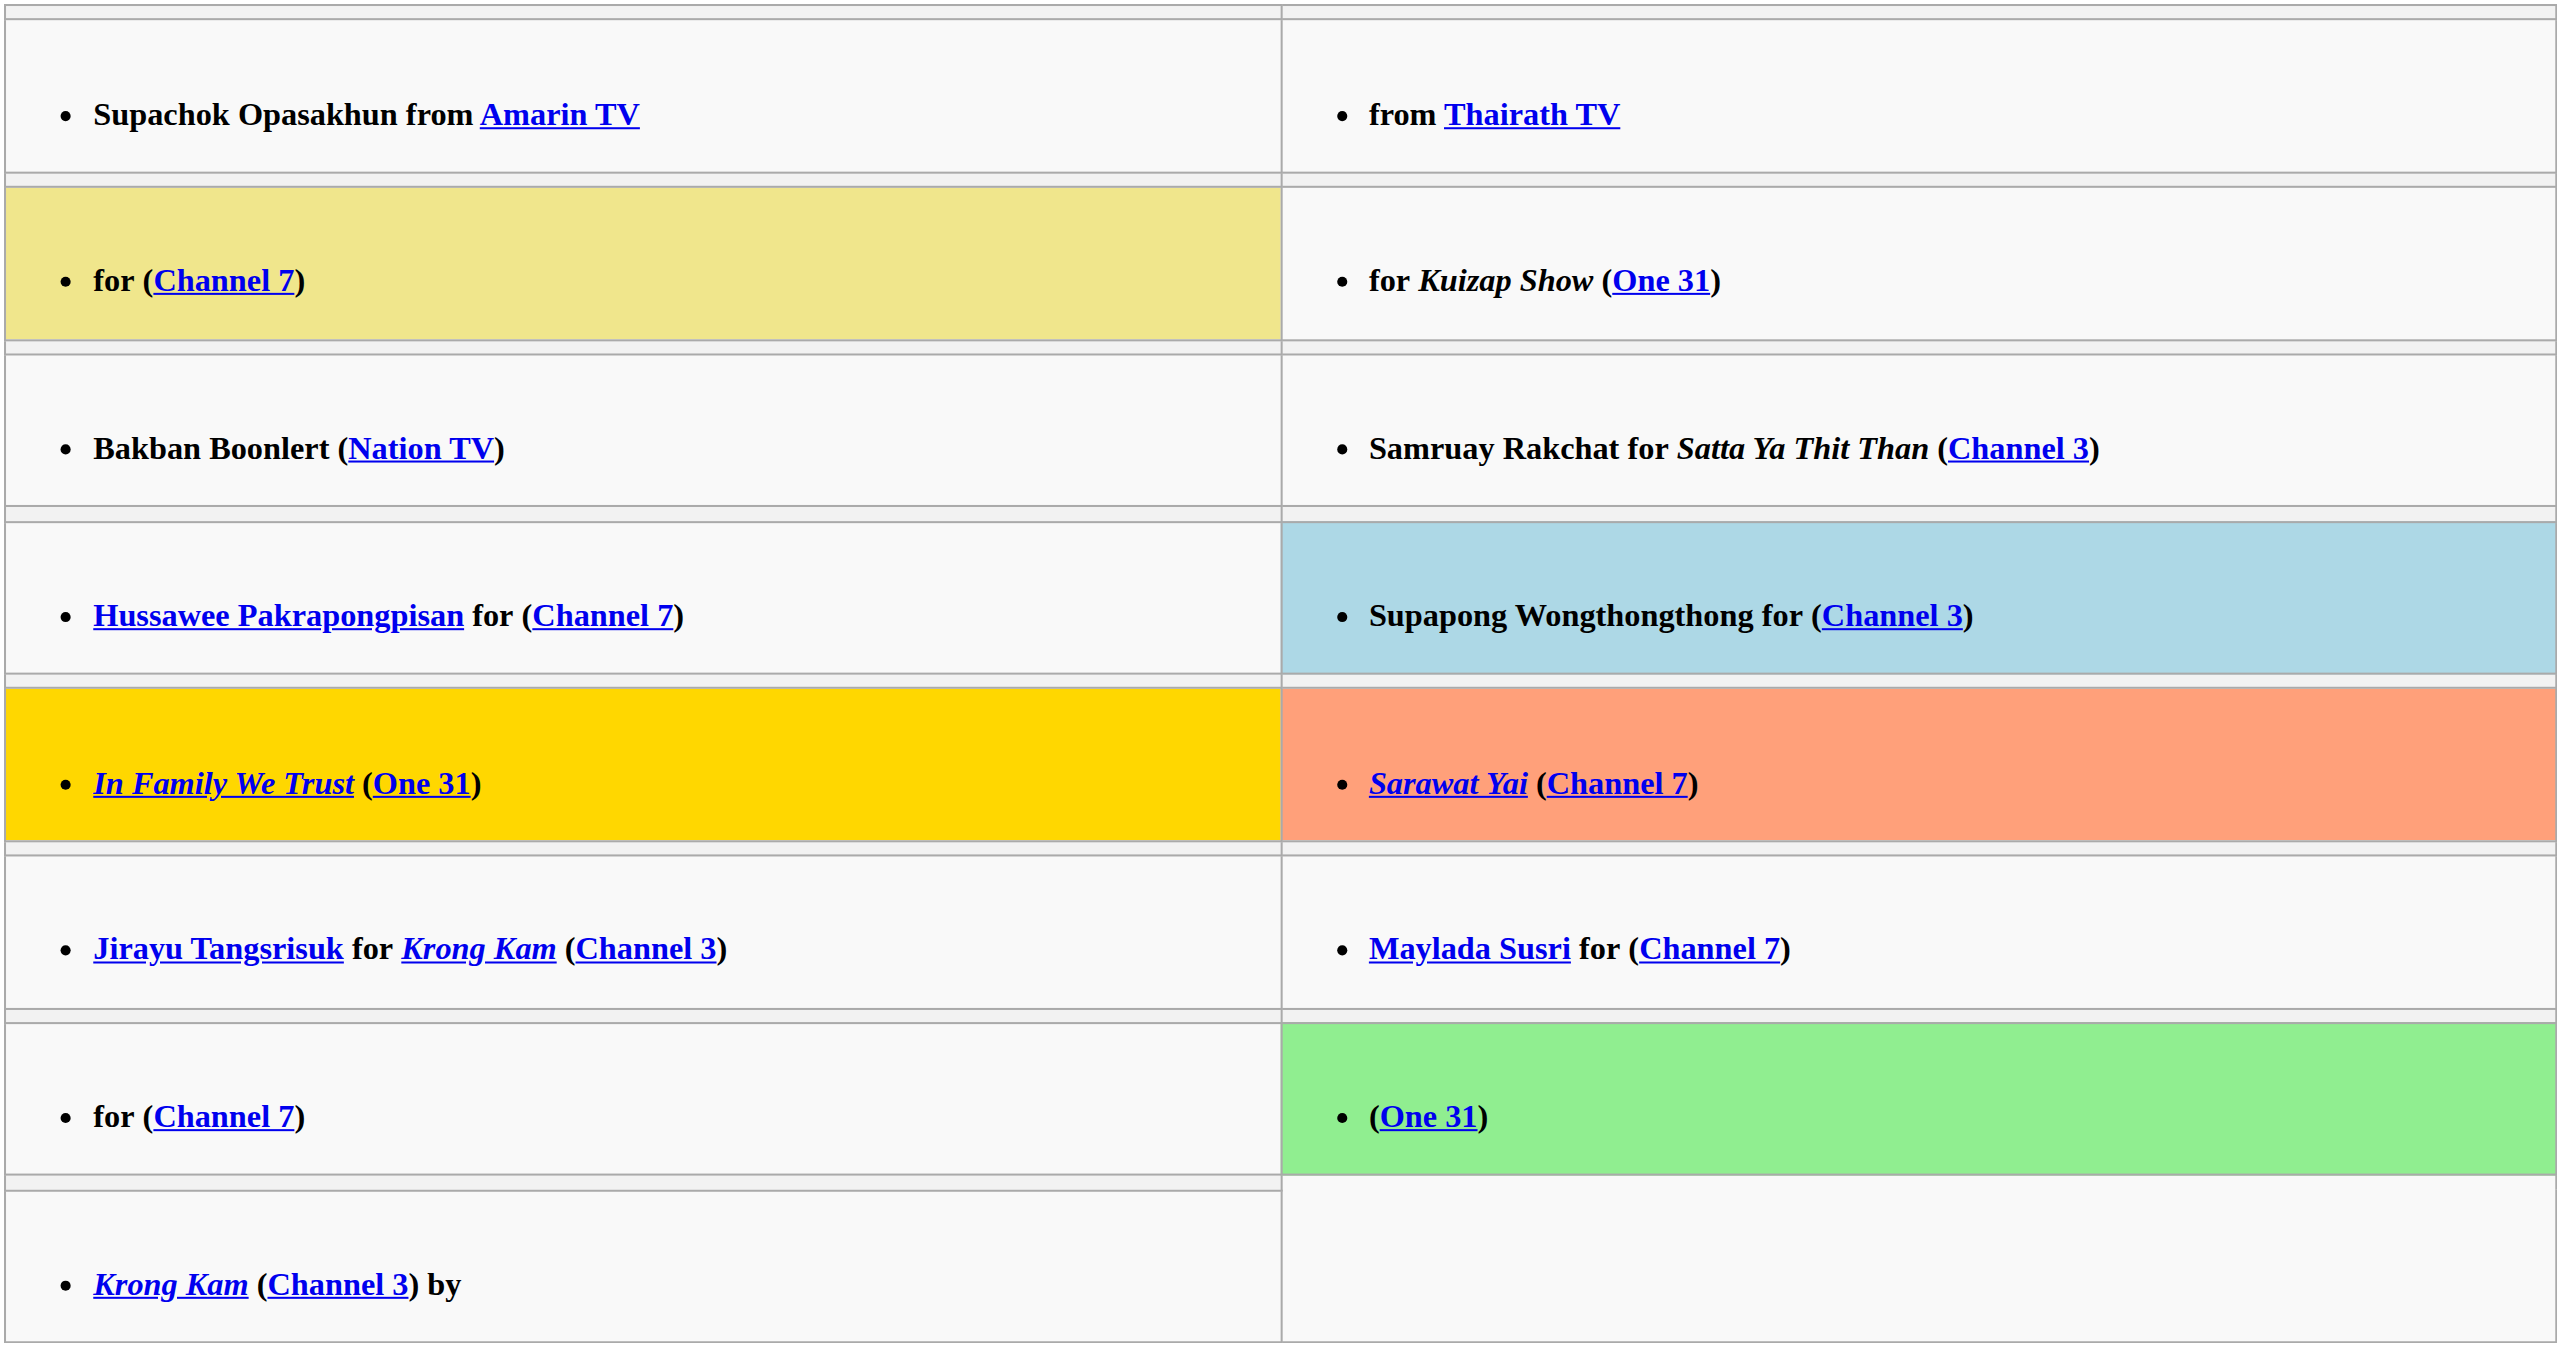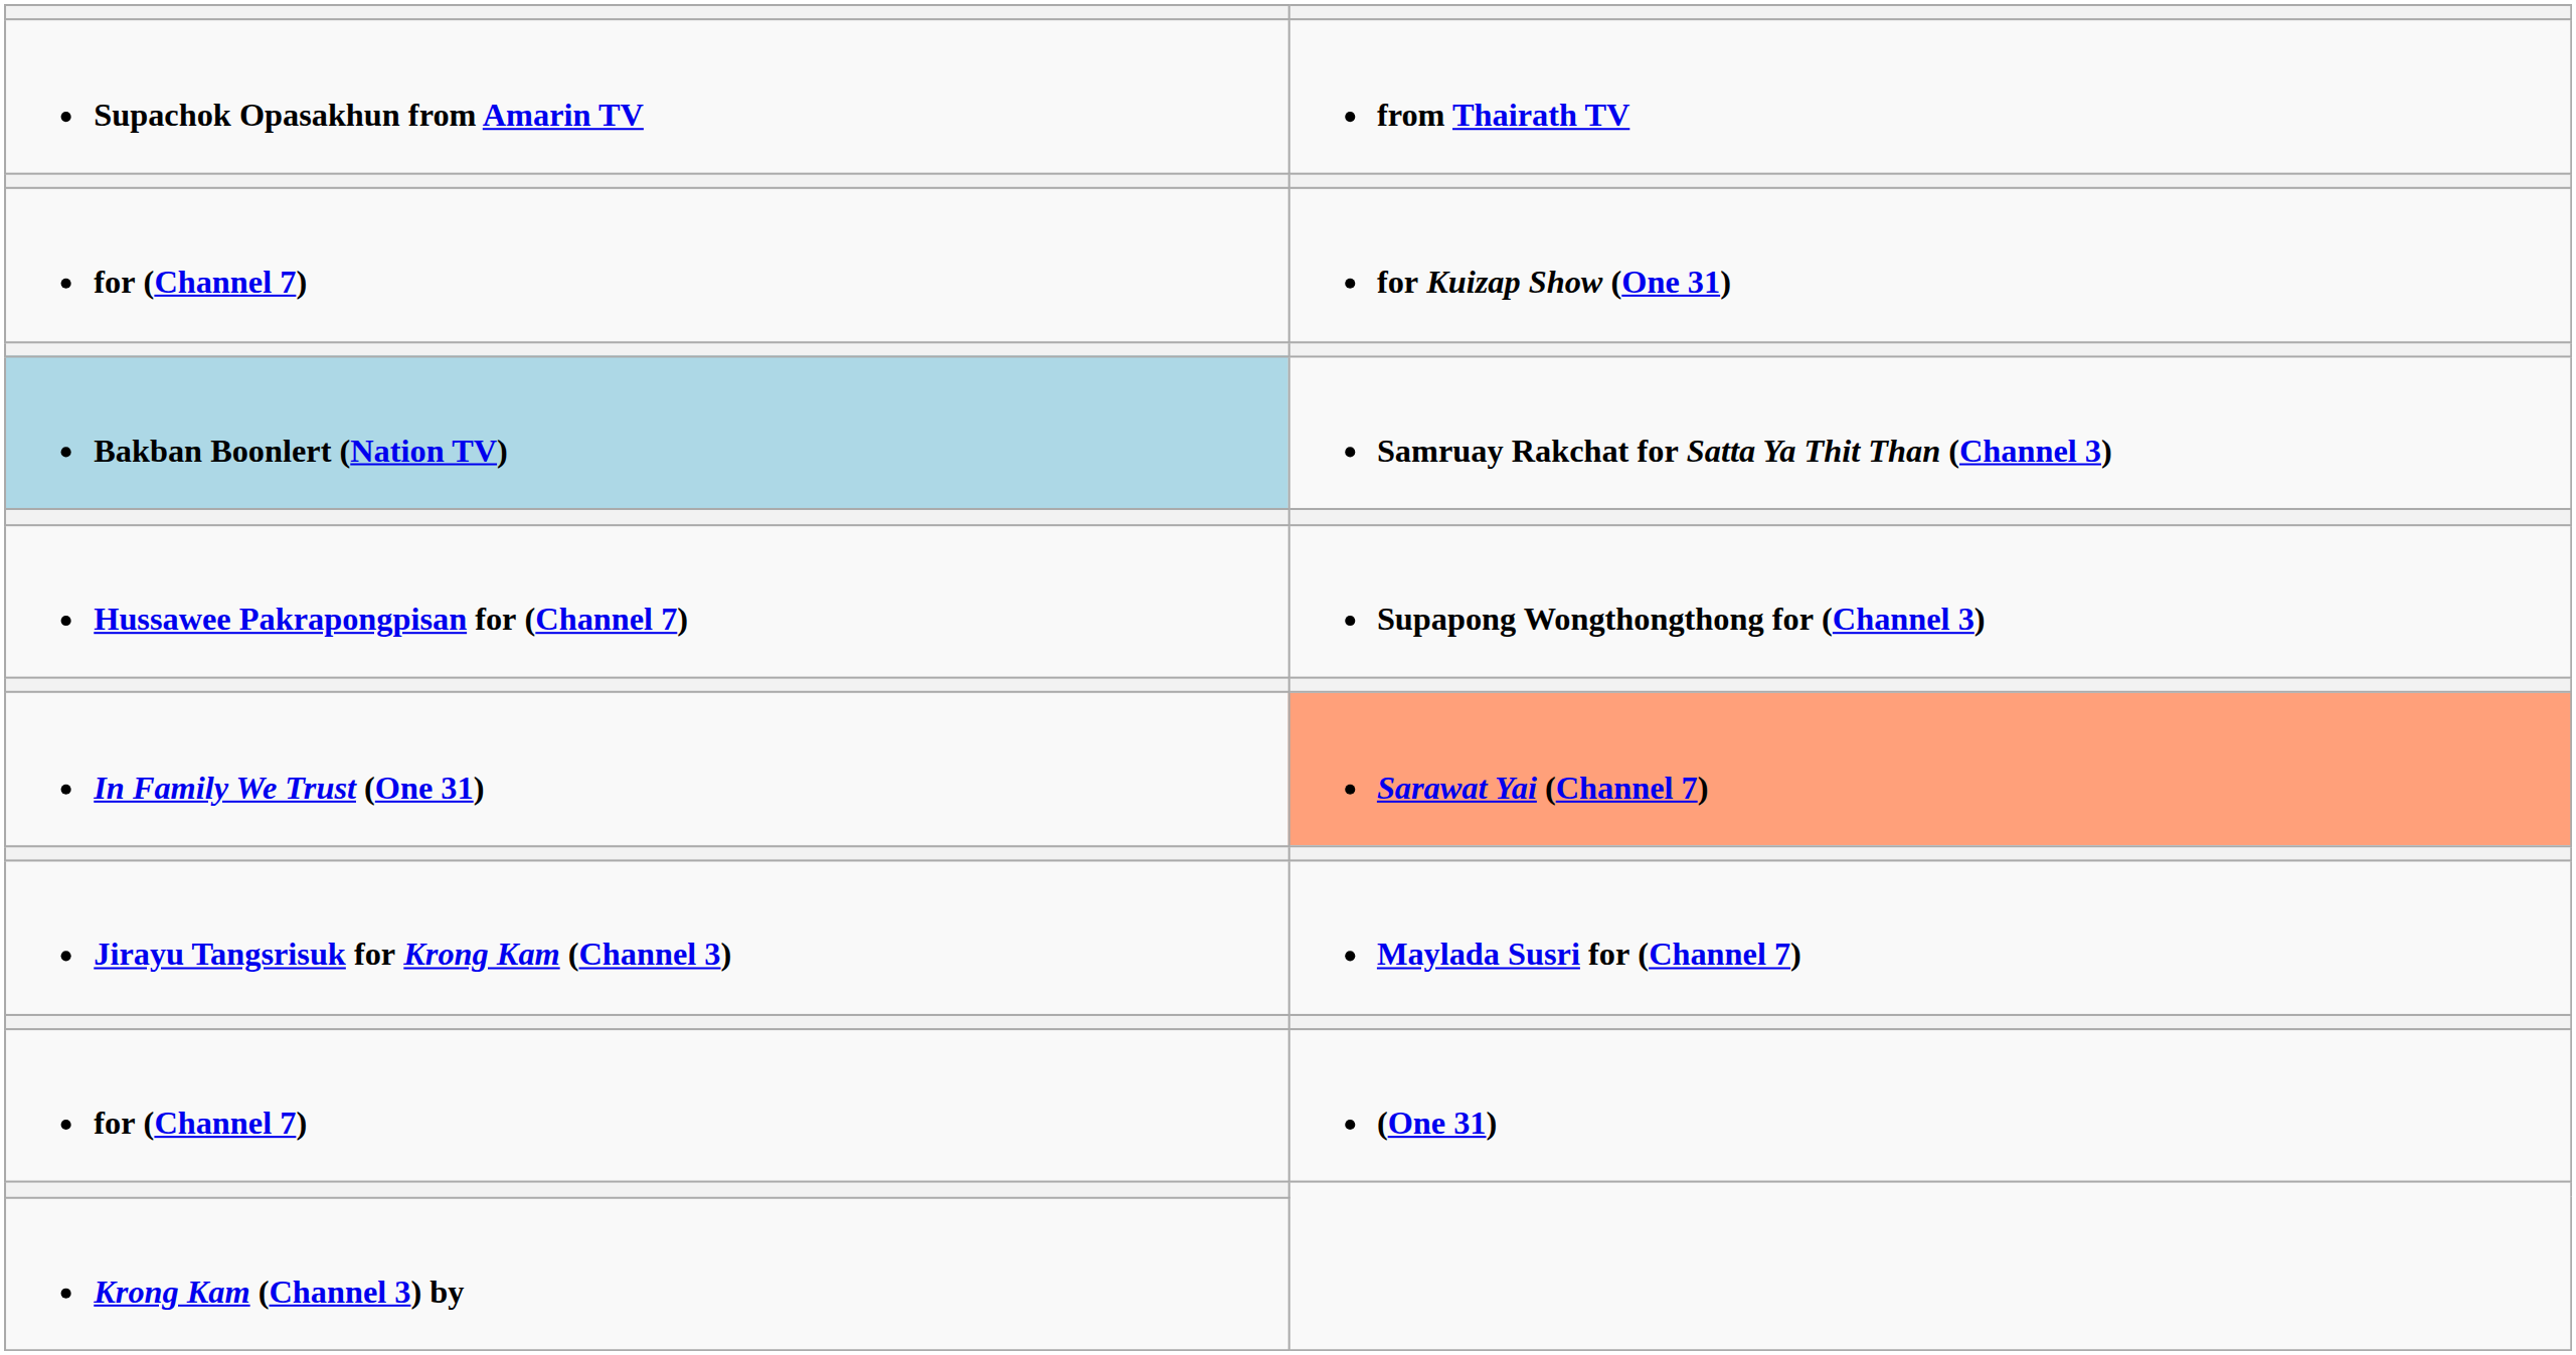 <table class=wikitable width="100%">
 <tr>
 <th></th>
 <th></th>
 </tr>
 <tr>
 <td valign="top" width="50%"><br><ul><li><strong>Supachok Opasakhun from <a href='#'>Amarin TV</a></strong></li></ul></td>
 <td valign="top" width="50%"><br><ul><li><strong>  from <a href='#'>Thairath TV</a></strong></li></ul></td>
 </tr>
 <tr>
 <th></th>
 <th></th>
 </tr>
 <tr>
-<td valign="top" width="50%" style="background: khaki;"><br><ul><li><strong> for</strong> <strong><em></em></strong> <strong>(<a href='#'>Channel 7</a>)</strong></li></ul></td>
+<td valign="top" width="50%"><br><ul><li><strong> for</strong> <strong><em></em></strong> <strong>(<a href='#'>Channel 7</a>)</strong></li></ul></td>
 <td valign="top" width="50%"><br><ul><li><strong> for</strong> <strong><em>Kuizap Show</em></strong> <strong>(<a href='#'>One 31</a>)</strong></li></ul></td>
 </tr>
 <tr>
 <th></th>
 <th></th>
 </tr>
 <tr>
-<td valign="top" width="50%"><br><ul><li><strong>Bakban Boonlert (<a href='#'>Nation TV</a>)</strong></li></ul></td>
+<td valign="top" width="50%" style="background: lightblue;"><br><ul><li><strong>Bakban Boonlert (<a href='#'>Nation TV</a>)</strong></li></ul></td>
 <td valign="top" width="50%"><br><ul><li><strong>Samruay Rakchat for</strong> <strong><em>Satta Ya Thit Than</em></strong> <strong>(<a href='#'>Channel 3</a>)</strong></li></ul></td>
 </tr>
 <tr>
 <th></th>
 <th></th>
 </tr>
 <tr>
 <td valign="top" width="50%"><br><ul><li><strong><a href='#'>Hussawee Pakrapongpisan</a> for</strong> <strong><em></em></strong> <strong>(<a href='#'>Channel 7</a>)</strong></li></ul></td>
-<td valign="top" width="50%" style="background: lightblue;"><br><ul><li><strong>Supapong Wongthongthong for</strong> <strong><em></em></strong> <strong>(<a href='#'>Channel 3</a>)</strong></li></ul></td>
+<td valign="top" width="50%"><br><ul><li><strong>Supapong Wongthongthong for</strong> <strong><em></em></strong> <strong>(<a href='#'>Channel 3</a>)</strong></li></ul></td>
 </tr>
 <tr>
 <th></th>
 <th></th>
 </tr>
 <tr>
-<td valign="top" width="50%" style="background: gold;"><br><ul><li><strong><em><a href='#'>In Family We Trust</a></em></strong> <strong>(<a href='#'>One 31</a>)</strong></li></ul></td>
+<td valign="top" width="50%"><br><ul><li><strong><em><a href='#'>In Family We Trust</a></em></strong> <strong>(<a href='#'>One 31</a>)</strong></li></ul></td>
 <td valign="top" width="50%" style="background: lightsalmon;"><br><ul><li><strong><em><a href='#'>Sarawat Yai</a></em></strong> <strong>(<a href='#'>Channel 7</a>)</strong></li></ul></td>
 </tr>
 <tr>
 <th></th>
 <th></th>
 </tr>
 <tr>
 <td valign="top" width="50%"><br><ul><li><strong><a href='#'>Jirayu Tangsrisuk</a> for</strong> <strong><em><a href='#'>Krong Kam</a></em></strong> <strong>(<a href='#'>Channel 3</a>)</strong></li></ul></td>
 <td valign="top" width="50%"><br><ul><li><strong><a href='#'>Maylada Susri</a> for</strong> <strong><em></em></strong> <strong>(<a href='#'>Channel 7</a>)</strong></li></ul></td>
 </tr>
 <tr>
 <th></th>
 <th></th>
 </tr>
 <tr>
 <td valign="top" width="50%"><br><ul><li><strong> for</strong> <strong><em></em></strong> <strong>(<a href='#'>Channel 7</a>)</strong></li></ul></td>
-<td valign="top" width="50%" style="background: lightgreen;"><br><ul><li><strong></strong> <strong>(<a href='#'>One 31</a>)</strong></li></ul></td>
+<td valign="top" width="50%"><br><ul><li><strong></strong> <strong>(<a href='#'>One 31</a>)</strong></li></ul></td>
 </tr>
 <tr>
 <th></th>
 </tr>
 <tr>
 <td valign="top" width="50%"><br><ul><li><strong><em><a href='#'>Krong Kam</a></em></strong> <strong>(<a href='#'>Channel 3</a>) by </strong></li></ul></td>
 </tr>
 </table>
